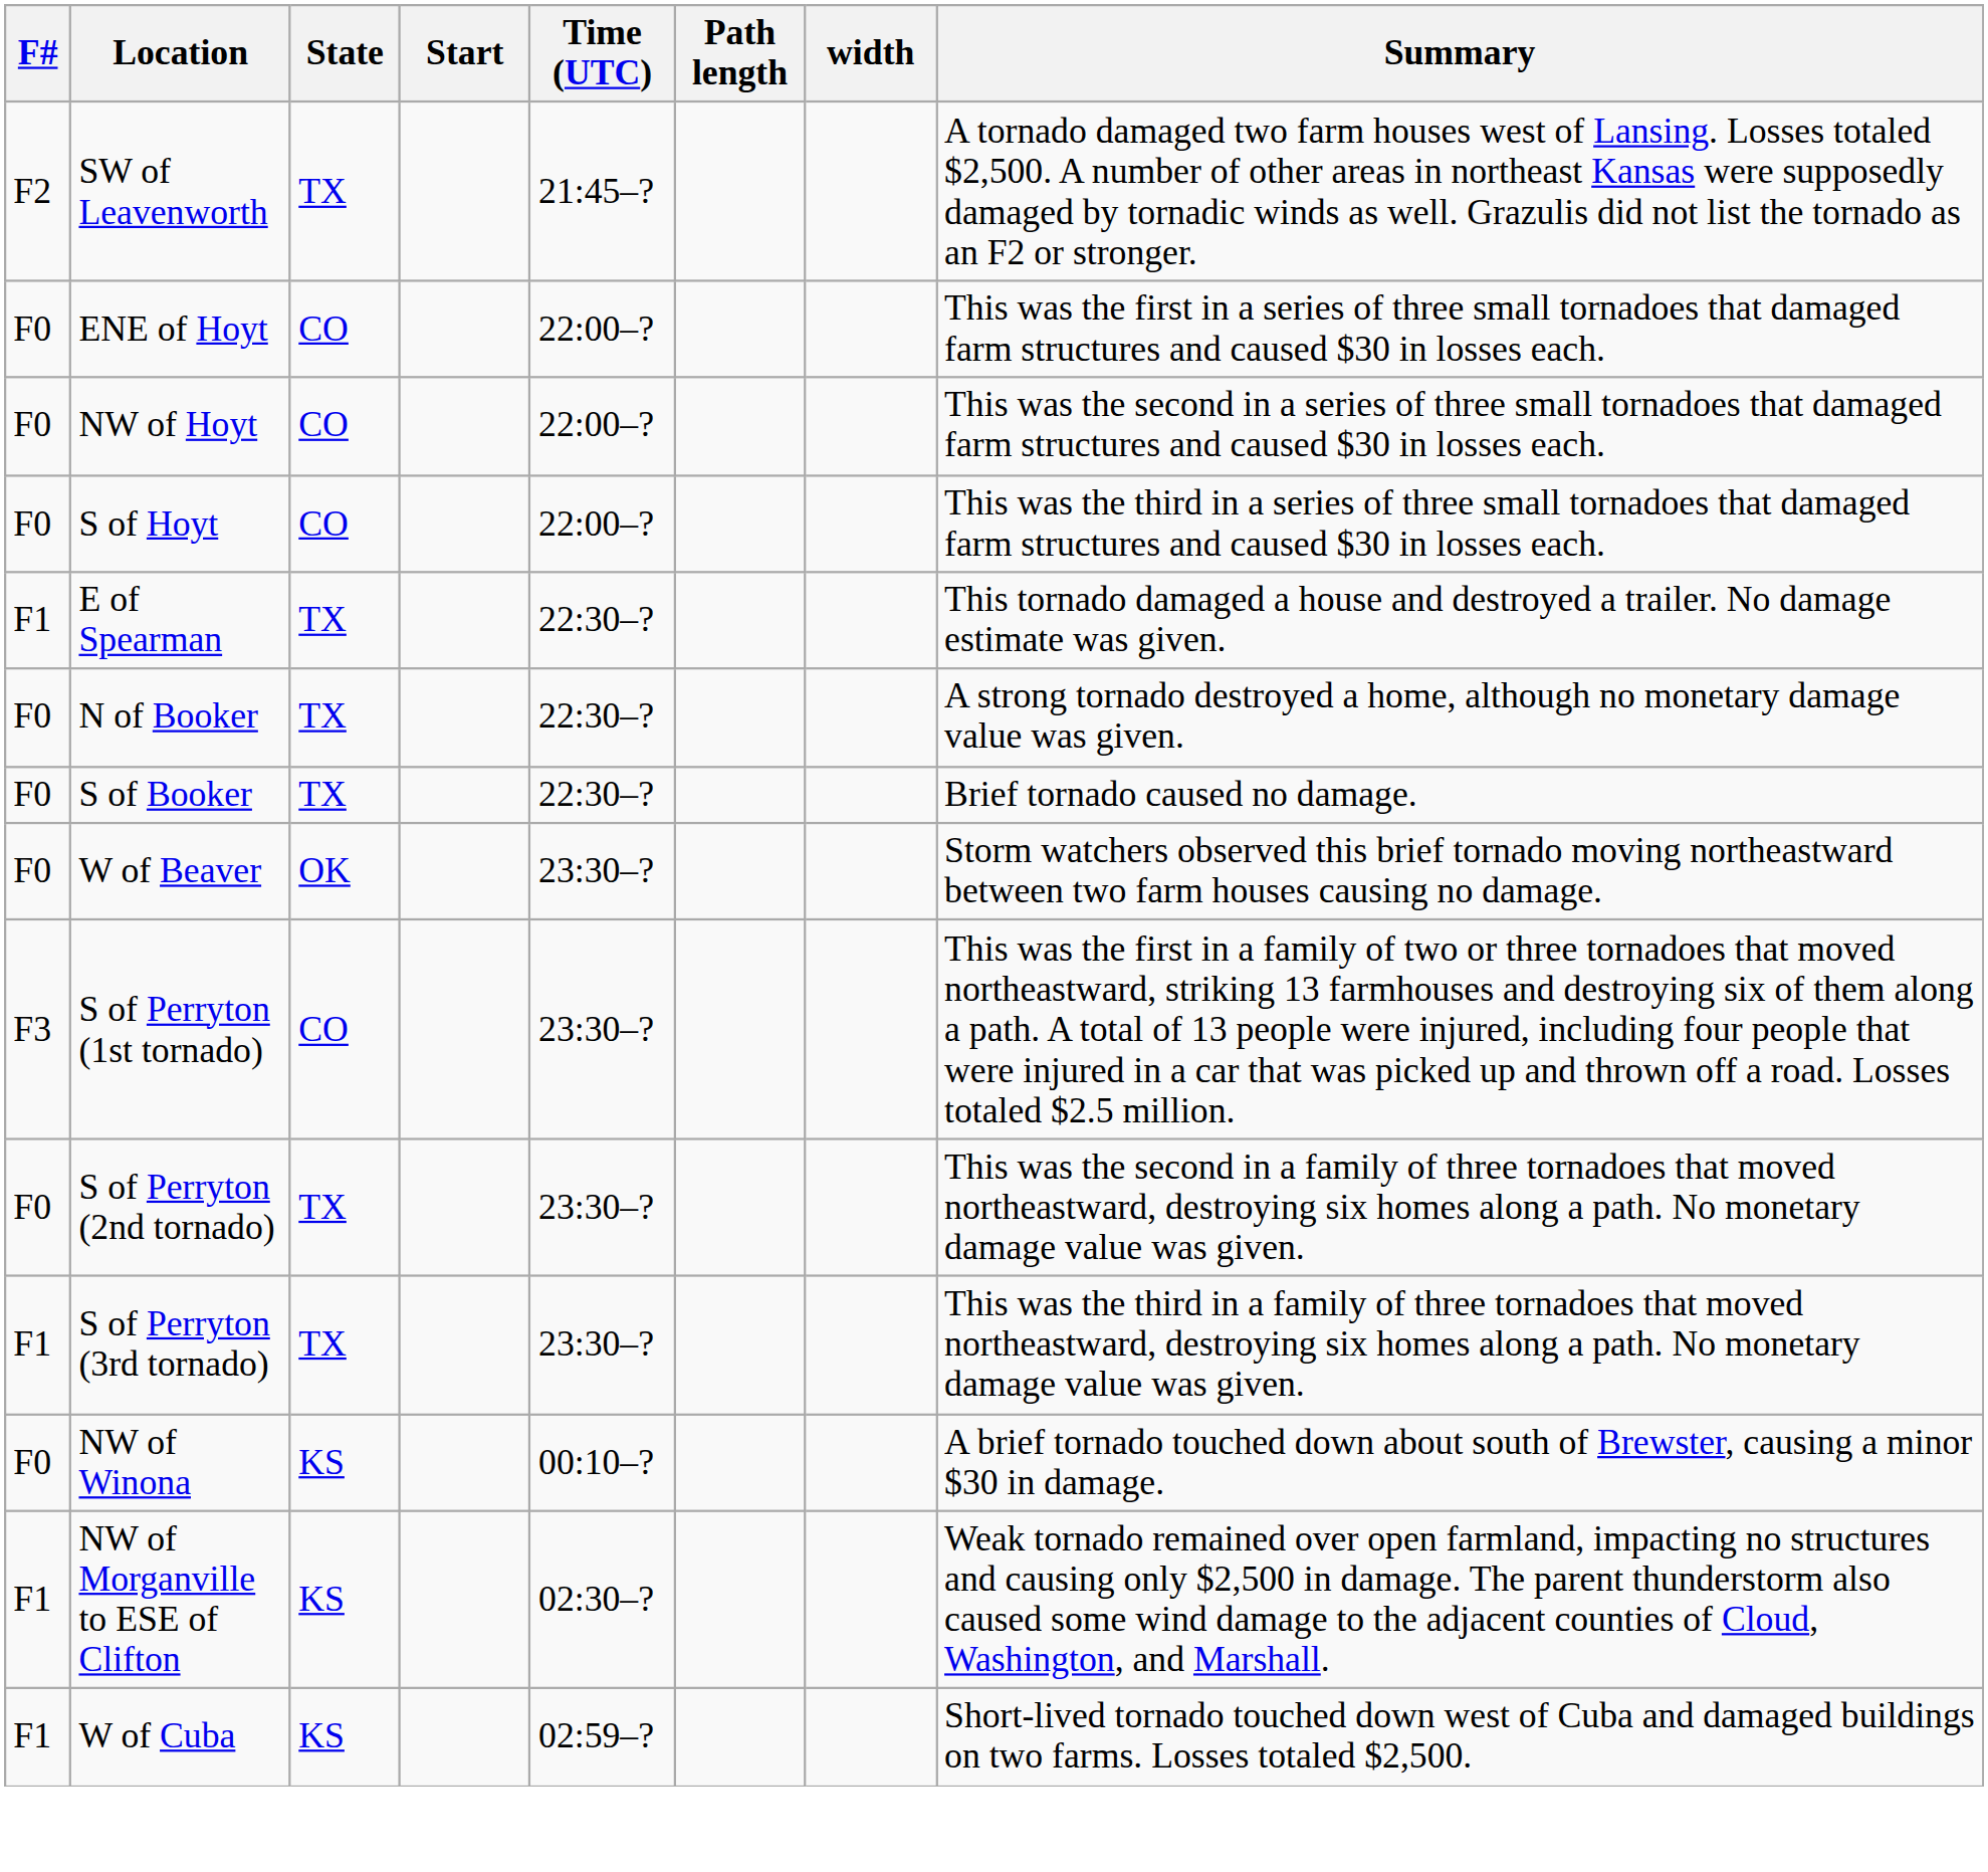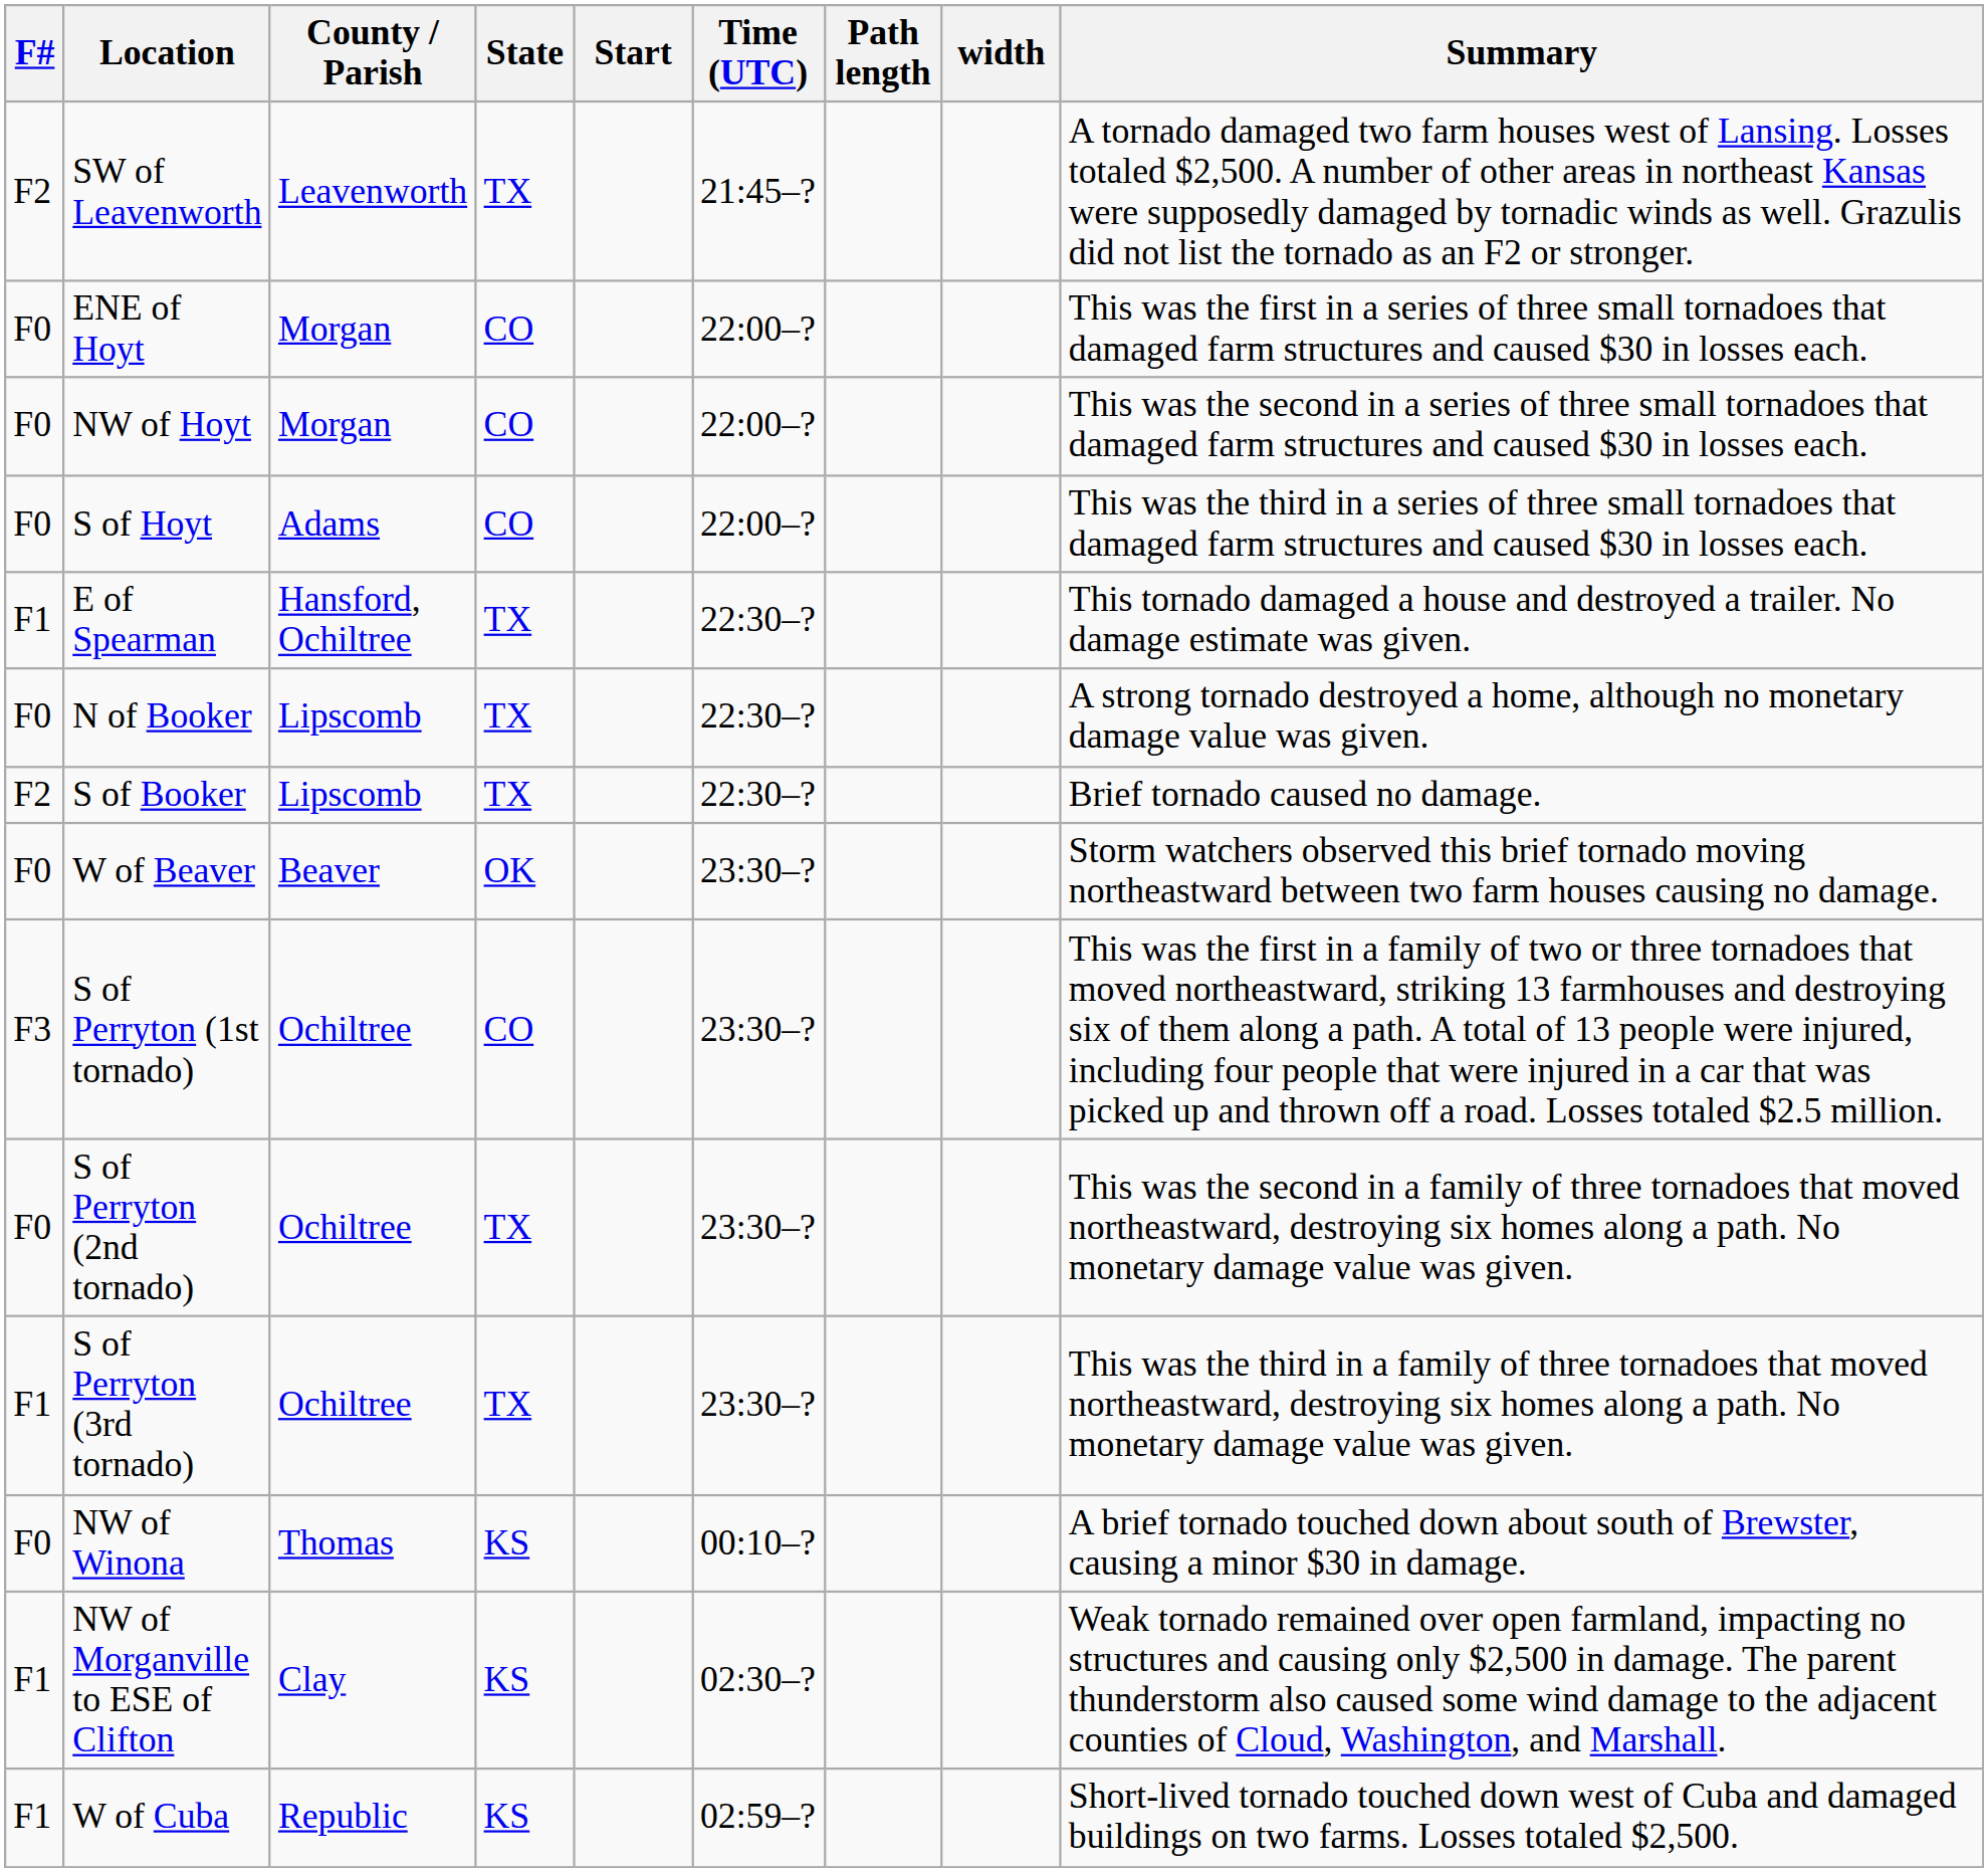 <table class="wikitable sortable" style="width:100%;">
 <tr>
 <th scope="col"  style="width:3%; text-align:center;"><a href='#'>F#</a></th>
 <th scope="col"  style="width:7%; text-align:center;" class="unsortable">Location</th>
+<th scope="col"  style="width:6%; text-align:center;" class="unsortable">County / Parish</th>
 <th scope="col"  style="width:5%; text-align:center;">State</th>
 <th scope="col"  style="width:6%; text-align:center;">Start<br></th>
 <th scope="col"  style="width:6%; text-align:center;">Time (<a href='#'>UTC</a>)</th>
 <th scope="col"  style="width:6%; text-align:center;">Path length</th>
 <th scope="col"  style="width:6%; text-align:center;"> width</th>
 <th scope="col" class="unsortable" style="width:48%; text-align:center;">Summary</th>
 </tr>
 <tr>
 <td>F2</td>
 <td>SW of <a href='#'>Leavenworth</a></td>
+<td><a href='#'>Leavenworth</a></td>
 <td><a href='#'>TX</a></td>
 <td></td>
 <td>21:45–?</td>
 <td></td>
 <td></td>
 <td>A tornado damaged two farm houses west of <a href='#'>Lansing</a>. Losses totaled $2,500. A number of other areas in northeast <a href='#'>Kansas</a> were supposedly damaged by tornadic winds as well. Grazulis did not list the tornado as an F2 or stronger.</td>
 </tr>
 <tr>
 <td>F0</td>
 <td>ENE of <a href='#'>Hoyt</a></td>
+<td><a href='#'>Morgan</a></td>
 <td><a href='#'>CO</a></td>
 <td></td>
 <td>22:00–?</td>
 <td></td>
 <td></td>
 <td>This was the first in a series of three small tornadoes that damaged farm structures and caused $30 in losses each.</td>
 </tr>
 <tr>
 <td>F0</td>
 <td>NW of <a href='#'>Hoyt</a></td>
+<td><a href='#'>Morgan</a></td>
 <td><a href='#'>CO</a></td>
 <td></td>
 <td>22:00–?</td>
 <td></td>
 <td></td>
 <td>This was the second in a series of three small tornadoes that damaged farm structures and caused $30 in losses each.</td>
 </tr>
 <tr>
 <td>F0</td>
 <td>S of <a href='#'>Hoyt</a></td>
+<td><a href='#'>Adams</a></td>
 <td><a href='#'>CO</a></td>
 <td></td>
 <td>22:00–?</td>
 <td></td>
 <td></td>
 <td>This was the third in a series of three small tornadoes that damaged farm structures and caused $30 in losses each.</td>
 </tr>
 <tr>
 <td>F1</td>
 <td>E of <a href='#'>Spearman</a></td>
+<td><a href='#'>Hansford</a>, <a href='#'>Ochiltree</a></td>
 <td><a href='#'>TX</a></td>
 <td></td>
 <td>22:30–?</td>
 <td></td>
 <td></td>
 <td>This tornado damaged a house and destroyed a trailer. No damage estimate was given.</td>
 </tr>
 <tr>
 <td>F0</td>
 <td>N of <a href='#'>Booker</a></td>
+<td><a href='#'>Lipscomb</a></td>
 <td><a href='#'>TX</a></td>
 <td></td>
 <td>22:30–?</td>
 <td></td>
 <td></td>
 <td>A strong tornado destroyed a home, although no monetary damage value was given.</td>
 </tr>
 <tr>
-<td>F0</td>
+<td>F2</td>
 <td>S of <a href='#'>Booker</a></td>
+<td><a href='#'>Lipscomb</a></td>
 <td><a href='#'>TX</a></td>
 <td></td>
 <td>22:30–?</td>
 <td></td>
 <td></td>
 <td>Brief tornado caused no damage.</td>
 </tr>
 <tr>
 <td>F0</td>
 <td>W of <a href='#'>Beaver</a></td>
+<td><a href='#'>Beaver</a></td>
 <td><a href='#'>OK</a></td>
 <td></td>
 <td>23:30–?</td>
 <td></td>
 <td></td>
 <td>Storm watchers observed this brief tornado moving northeastward between two farm houses causing no damage.</td>
 </tr>
 <tr>
 <td>F3</td>
 <td>S of <a href='#'>Perryton</a> (1st tornado)</td>
+<td><a href='#'>Ochiltree</a></td>
 <td><a href='#'>CO</a></td>
 <td></td>
 <td>23:30–?</td>
 <td></td>
 <td></td>
 <td>This was the first in a family of two or three tornadoes that moved northeastward, striking 13 farmhouses and destroying six of them along a  path. A total of 13 people were injured, including four people that were injured in a car that was picked up and thrown off a road. Losses totaled $2.5 million.</td>
 </tr>
 <tr>
 <td>F0</td>
 <td>S of <a href='#'>Perryton</a> (2nd tornado)</td>
+<td><a href='#'>Ochiltree</a></td>
 <td><a href='#'>TX</a></td>
 <td></td>
 <td>23:30–?</td>
 <td></td>
 <td></td>
 <td>This was the second in a family of three tornadoes that moved northeastward, destroying six homes along a  path. No monetary damage value was given.</td>
 </tr>
 <tr>
 <td>F1</td>
 <td>S of <a href='#'>Perryton</a> (3rd tornado)</td>
+<td><a href='#'>Ochiltree</a></td>
 <td><a href='#'>TX</a></td>
 <td></td>
 <td>23:30–?</td>
 <td></td>
 <td></td>
 <td>This was the third in a family of three tornadoes that moved northeastward, destroying six homes along a  path. No monetary damage value was given.</td>
 </tr>
 <tr>
 <td>F0</td>
 <td>NW of <a href='#'>Winona</a></td>
+<td><a href='#'>Thomas</a></td>
 <td><a href='#'>KS</a></td>
 <td></td>
 <td>00:10–?</td>
 <td></td>
 <td></td>
 <td>A brief tornado touched down about  south of <a href='#'>Brewster</a>, causing a minor $30 in damage.</td>
 </tr>
 <tr>
 <td>F1</td>
 <td>NW of <a href='#'>Morganville</a> to ESE of <a href='#'>Clifton</a></td>
+<td><a href='#'>Clay</a></td>
 <td><a href='#'>KS</a></td>
 <td></td>
 <td>02:30–?</td>
 <td></td>
 <td></td>
 <td>Weak tornado remained over open farmland, impacting no structures and causing only $2,500 in damage. The parent thunderstorm also caused some wind damage to the adjacent counties of <a href='#'>Cloud</a>, <a href='#'>Washington</a>, and <a href='#'>Marshall</a>.</td>
 </tr>
 <tr>
 <td>F1</td>
 <td>W of <a href='#'>Cuba</a></td>
+<td><a href='#'>Republic</a></td>
 <td><a href='#'>KS</a></td>
 <td></td>
 <td>02:59–?</td>
 <td></td>
 <td></td>
 <td>Short-lived tornado touched down  west of Cuba and damaged buildings on two farms. Losses totaled $2,500.</td>
 </tr>
 </table>
